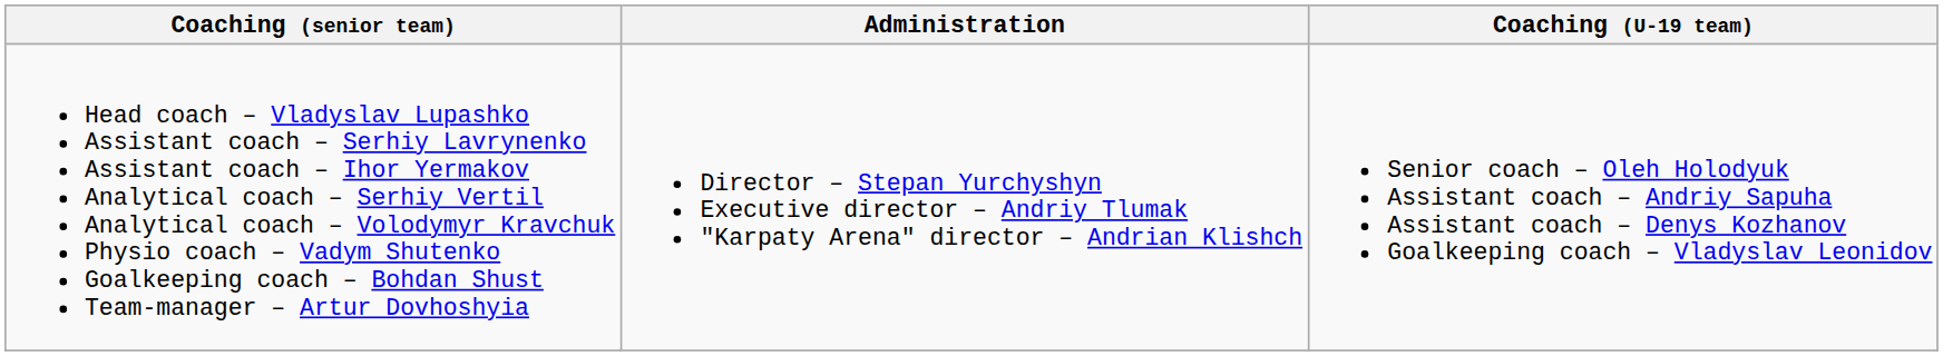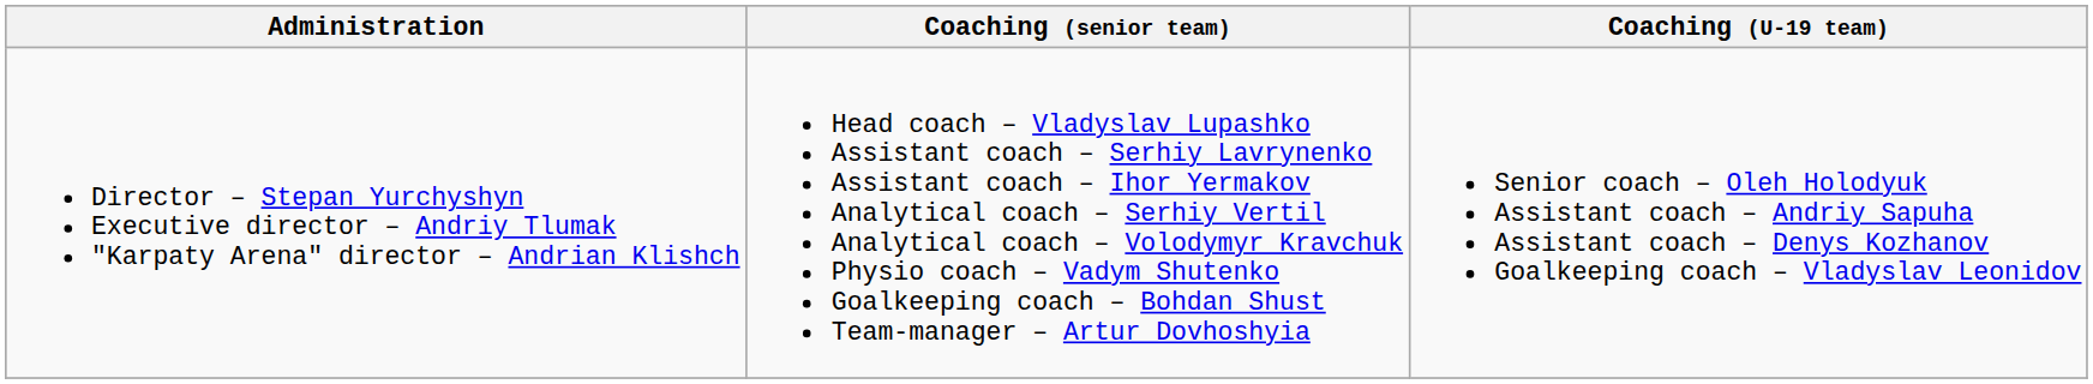 <table class="wikitable">
 <tr>
+<th>Administration</th>
 <th>Coaching <small>(senior team)</small></th>
-<th>Administration</th>
 <th>Coaching <small>(U-19 team)</small></th>
 </tr>
 <tr>
+<td><br><ul><li>Director – <a href='#'>Stepan Yurchyshyn</a></li><li>Executive director – <a href='#'>Andriy Tlumak</a></li><li>"Karpaty Arena" director – <a href='#'>Andrian Klishch</a></li></ul></td>
 <td><br><ul><li>Head coach – <a href='#'>Vladyslav Lupashko</a></li><li>Assistant coach – <a href='#'>Serhiy Lavrynenko</a></li><li>Assistant coach – <a href='#'>Ihor Yermakov</a></li><li>Analytical coach – <a href='#'>Serhiy Vertil</a></li><li>Analytical coach – <a href='#'>Volodymyr Kravchuk</a></li><li>Physio coach – <a href='#'>Vadym Shutenko</a></li><li>Goalkeeping coach – <a href='#'>Bohdan Shust</a></li><li>Team-manager – <a href='#'>Artur Dovhoshyia</a></li></ul></td>
-<td><br><ul><li>Director – <a href='#'>Stepan Yurchyshyn</a></li><li>Executive director – <a href='#'>Andriy Tlumak</a></li><li>"Karpaty Arena" director – <a href='#'>Andrian Klishch</a></li></ul></td>
 <td><br><ul><li>Senior coach – <a href='#'>Oleh Holodyuk</a></li><li>Assistant coach – <a href='#'>Andriy Sapuha</a></li><li>Assistant coach – <a href='#'>Denys Kozhanov</a></li><li>Goalkeeping coach – <a href='#'>Vladyslav Leonidov</a></li></ul></td>
 </tr>
 </table>
